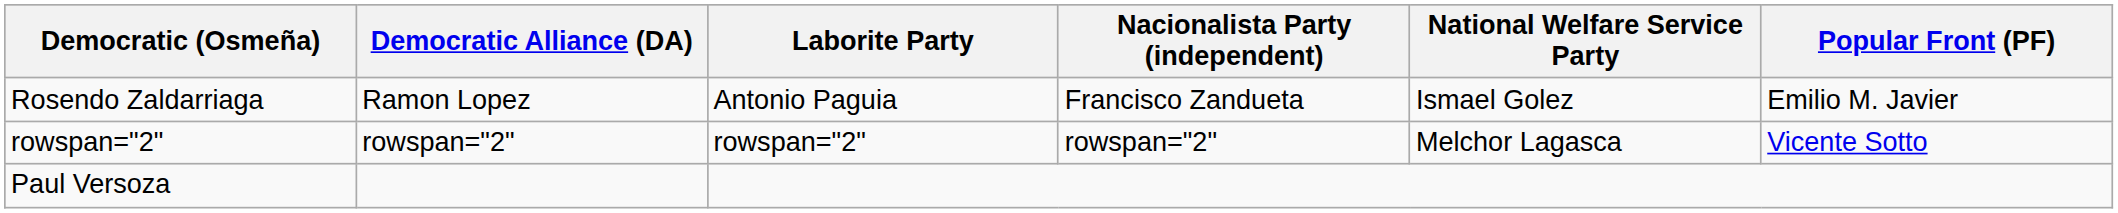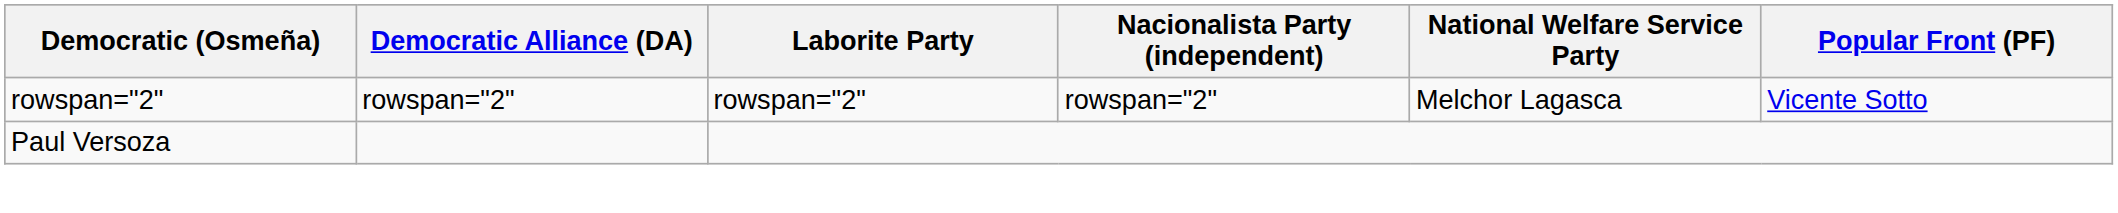 <table class="wikitable">
 <tr>
 <th width="16%">Democratic (Osmeña)</th>
 <th width="16%"><a href='#'>Democratic Alliance</a> (DA)</th>
 <th width="16%">Laborite Party</th>
 <th width="16%">Nacionalista Party (independent)</th>
 <th width="16%">National Welfare Service Party</th>
 <th width="16%"><a href='#'>Popular Front</a> (PF)</th>
-</tr>
-<tr>
-<td>Rosendo Zaldarriaga</td>
-<td>Ramon Lopez</td>
-<td>Antonio Paguia</td>
-<td>Francisco Zandueta</td>
-<td>Ismael Golez</td>
-<td>Emilio M. Javier</td>
 </tr>
 <tr>
 <td>rowspan="2" </td>
 <td>rowspan="2" </td>
 <td>rowspan="2" </td>
 <td>rowspan="2" </td>
 <td>Melchor Lagasca</td>
 <td><a href='#'>Vicente Sotto</a></td>
 </tr>
 <tr>
 <td>Paul Versoza</td>
 <td></td>
 </tr>
 </table>
